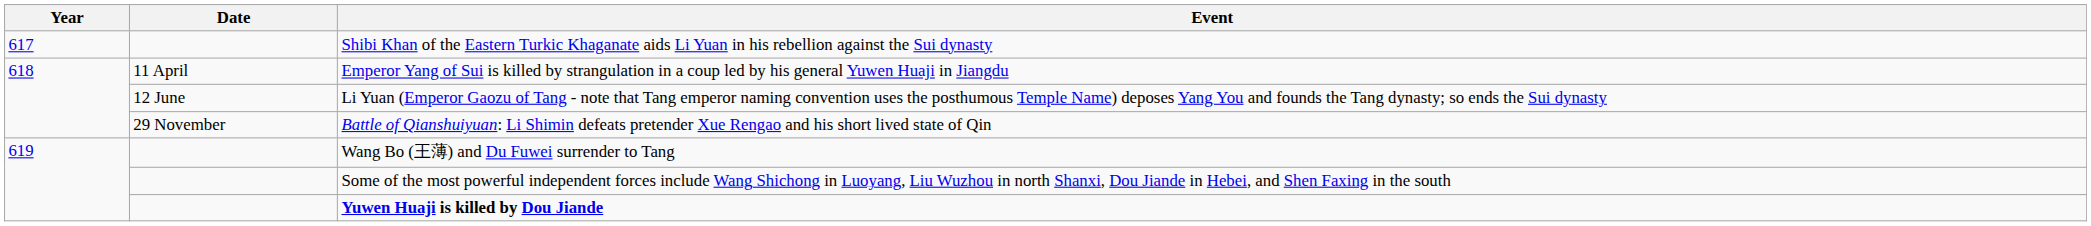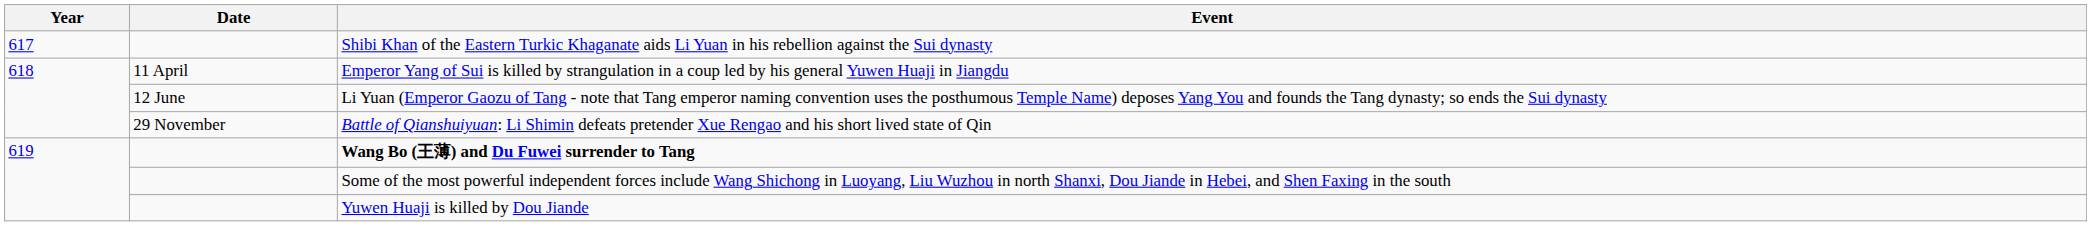 <table class="wikitable" width="100%">
 <tr>
 <th style="width:6%">Year</th>
 <th style="width:10%">Date</th>
 <th>Event</th>
 </tr>
 <tr>
 <td><a href='#'>617</a></td>
 <td></td>
 <td><a href='#'>Shibi Khan</a> of the <a href='#'>Eastern Turkic Khaganate</a> aids <a href='#'>Li Yuan</a> in his rebellion against the <a href='#'>Sui dynasty</a></td>
 </tr>
 <tr>
 <td rowspan="3" valign="top"><a href='#'>618</a></td>
 <td>11 April</td>
 <td><a href='#'>Emperor Yang of Sui</a> is killed by strangulation in a coup led by his general <a href='#'>Yuwen Huaji</a> in <a href='#'>Jiangdu</a></td>
 </tr>
 <tr>
 <td>12 June</td>
 <td>Li Yuan (<a href='#'>Emperor Gaozu of Tang</a> - note that Tang emperor naming convention uses the posthumous <a href='#'>Temple Name</a>) deposes <a href='#'>Yang You</a> and founds the Tang dynasty; so ends the <a href='#'>Sui dynasty</a></td>
 </tr>
 <tr>
 <td>29 November</td>
 <td><em><a href='#'>Battle of Qianshuiyuan</a></em>: <a href='#'>Li Shimin</a> defeats pretender <a href='#'>Xue Rengao</a> and his short lived state of Qin</td>
 </tr>
 <tr>
 <td rowspan="3" valign="top"><a href='#'>619</a></td>
 <td></td>
-<td>Wang Bo (王薄) and <a href='#'>Du Fuwei</a> surrender to Tang</td>
+<td><strong>Wang Bo (王薄) and <a href='#'>Du Fuwei</a> surrender to Tang</strong></td>
 </tr>
 <tr>
 <td></td>
 <td>Some of the most powerful independent forces include <a href='#'>Wang Shichong</a> in <a href='#'>Luoyang</a>, <a href='#'>Liu Wuzhou</a> in north <a href='#'>Shanxi</a>, <a href='#'>Dou Jiande</a> in <a href='#'>Hebei</a>, and <a href='#'>Shen Faxing</a> in the south</td>
 </tr>
 <tr>
 <td></td>
-<td><strong><a href='#'>Yuwen Huaji</a> is killed by <a href='#'>Dou Jiande</a></strong></td>
+<td><a href='#'>Yuwen Huaji</a> is killed by <a href='#'>Dou Jiande</a></td>
 </tr>
 </table>
